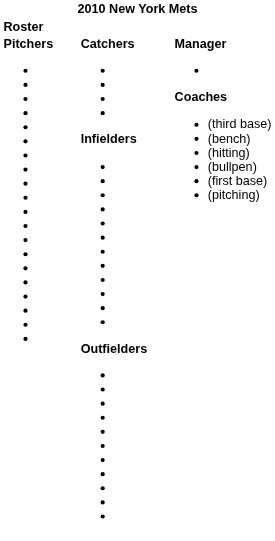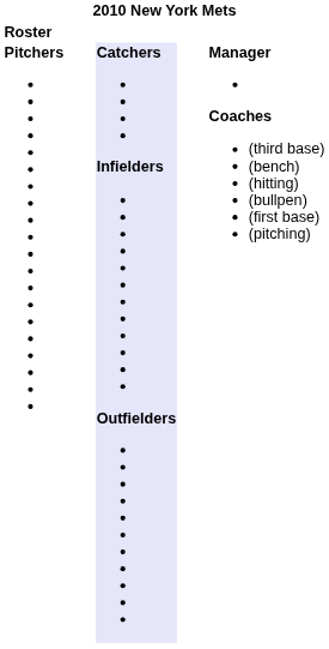 <table class="toccolours" style="font-size: 95%;">
 <tr>
 <th colspan="10">2010 New York Mets</th>
 </tr>
 <tr>
 <td colspan="10"><strong>Roster</strong></td>
 </tr>
 <tr>
 <td valign="top"><strong>Pitchers</strong><br><ul><li></li><li></li><li></li><li></li><li></li><li></li><li></li><li></li><li></li><li></li><li></li><li></li><li></li><li></li><li></li><li></li><li></li><li></li><li></li><li></li></ul></td>
 <td width="25px"></td>
-<td valign="top"><strong>Catchers</strong><br><ul><li></li><li></li><li></li><li></li></ul><strong>Infielders</strong><ul><li></li><li></li><li></li><li></li><li></li><li></li><li></li><li></li><li></li><li></li><li></li><li></li></ul><strong>Outfielders</strong><ul><li></li><li></li><li></li><li></li><li></li><li></li><li></li><li></li><li></li><li></li><li></li></ul></td>
+<td valign="top" style="background: lavender;"><strong>Catchers</strong><br><ul><li></li><li></li><li></li><li></li></ul><strong>Infielders</strong><ul><li></li><li></li><li></li><li></li><li></li><li></li><li></li><li></li><li></li><li></li><li></li><li></li></ul><strong>Outfielders</strong><ul><li></li><li></li><li></li><li></li><li></li><li></li><li></li><li></li><li></li><li></li><li></li></ul></td>
 <td width="25px"></td>
 <td valign="top"><strong>Manager</strong><br><ul><li></li></ul><strong>Coaches</strong><ul><li> (third base)</li><li> (bench)</li><li> (hitting)</li><li> (bullpen)</li><li> (first base)</li><li> (pitching)</li></ul></td>
 </tr>
 </table>
